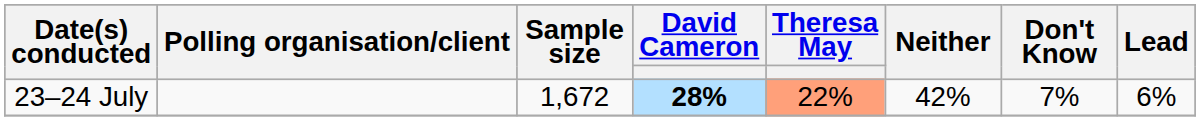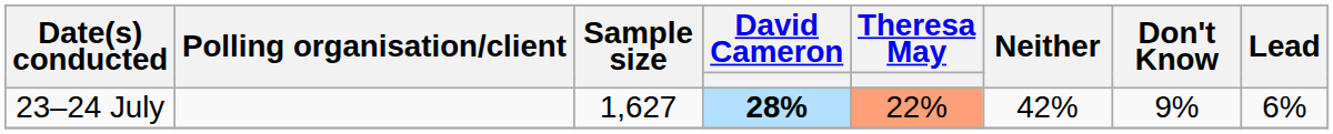 <table class="wikitable collapsible sortable" style="text-align:center;font-size:100%;line-height:14px">
 <tr valign= center>
 <th style="width:80px;" rowspan="2">Date(s)<br>conducted</th>
 <th style="width:200px;" rowspan="2">Polling organisation/client</th>
 <th style="width:60px;" rowspan="2">Sample size</th>
 <th style="width:60px;" class="unsortable"><a href='#'>David Cameron</a></th>
 <th style="width:60px;" class="unsortable"><a href='#'>Theresa May</a></th>
 <th style="width:60px;" rowspan="2" class="unsortable">Neither</th>
 <th style="width:60px;" rowspan="2" class="unsortable">Don't <br> Know</th>
 <th class="unsortable" style="width:20px;" rowspan="2">Lead</th>
 </tr>
 <tr>
 <th class="unsortable" style="color:inherit;background:"></th>
 <th class="unsortable" style="color:inherit;background:"></th>
 </tr>
 <tr>
 <td rowspan=1>23–24 July</td>
 <td rowspan=1></td>
-<td rowspan=1>1,672</td>
+<td rowspan=1>1,627</td>
 <td style="background:#B3E0FF"><strong>28%</strong></td>
 <td style="background: lightsalmon;">22%</td>
 <td>42%</td>
-<td>7%</td>
+<td>9%</td>
 <td style="background:">6%</td>
 </tr>
 <tr>
 </tr>
 </table>
